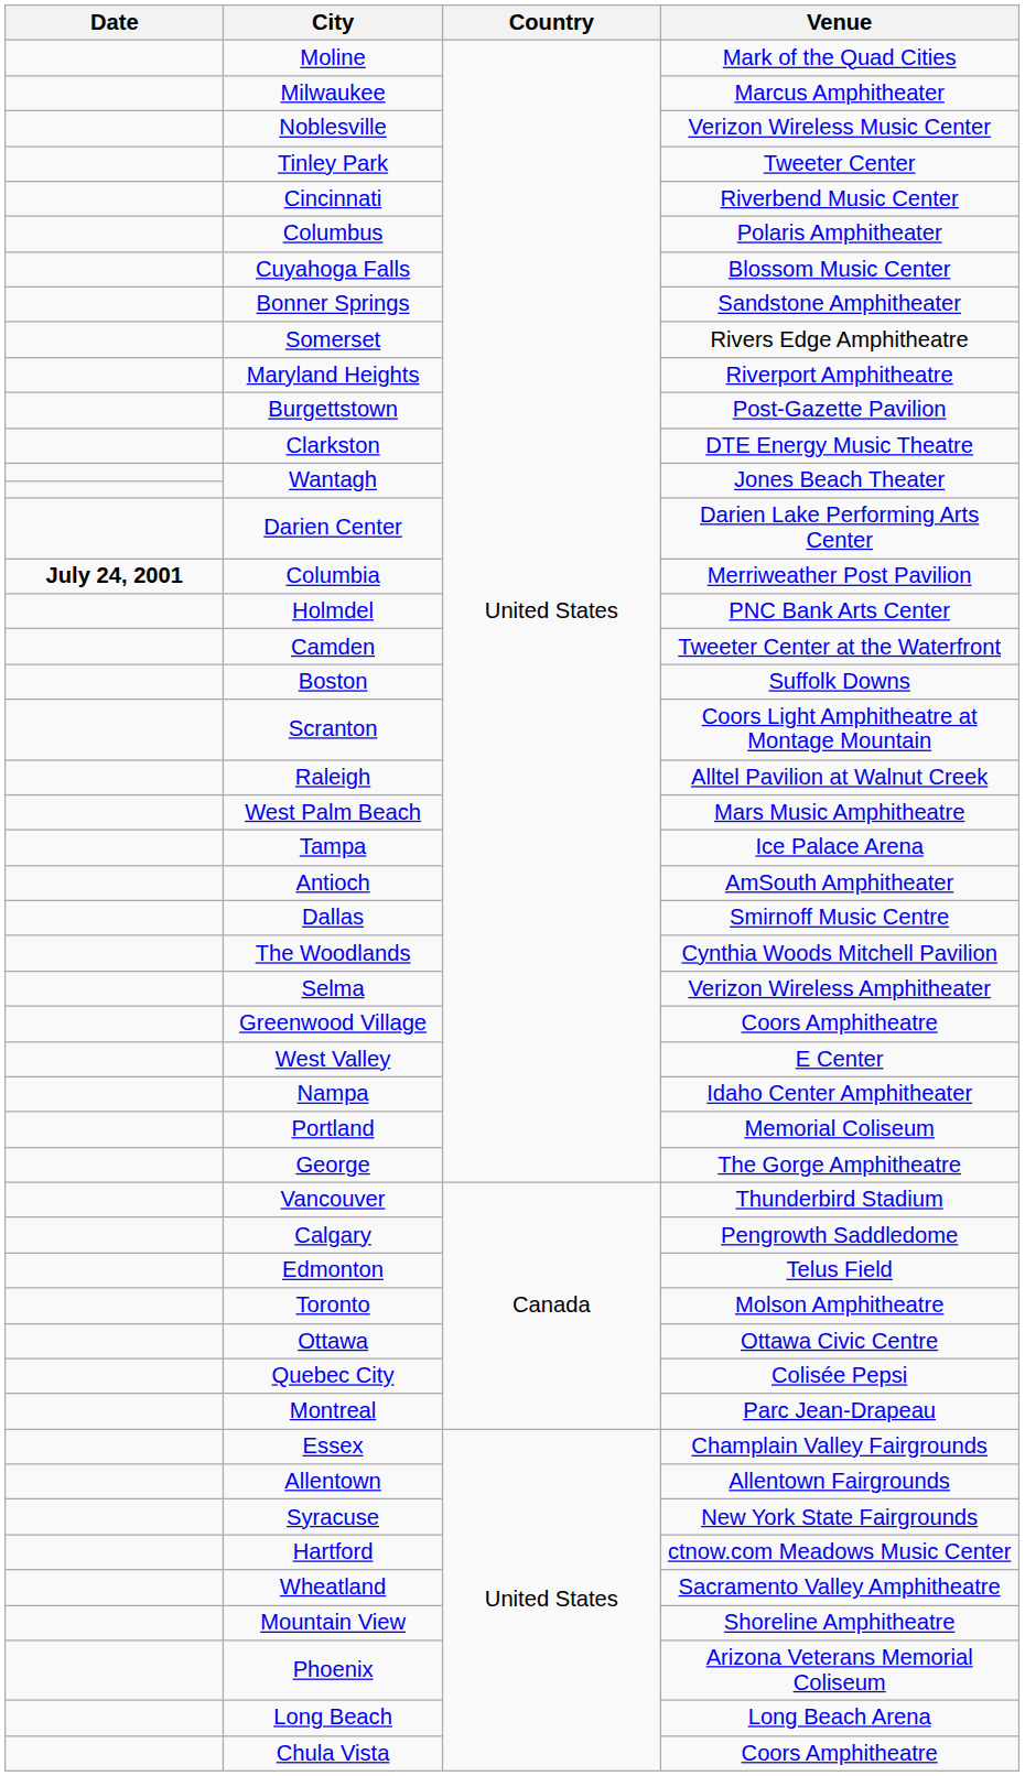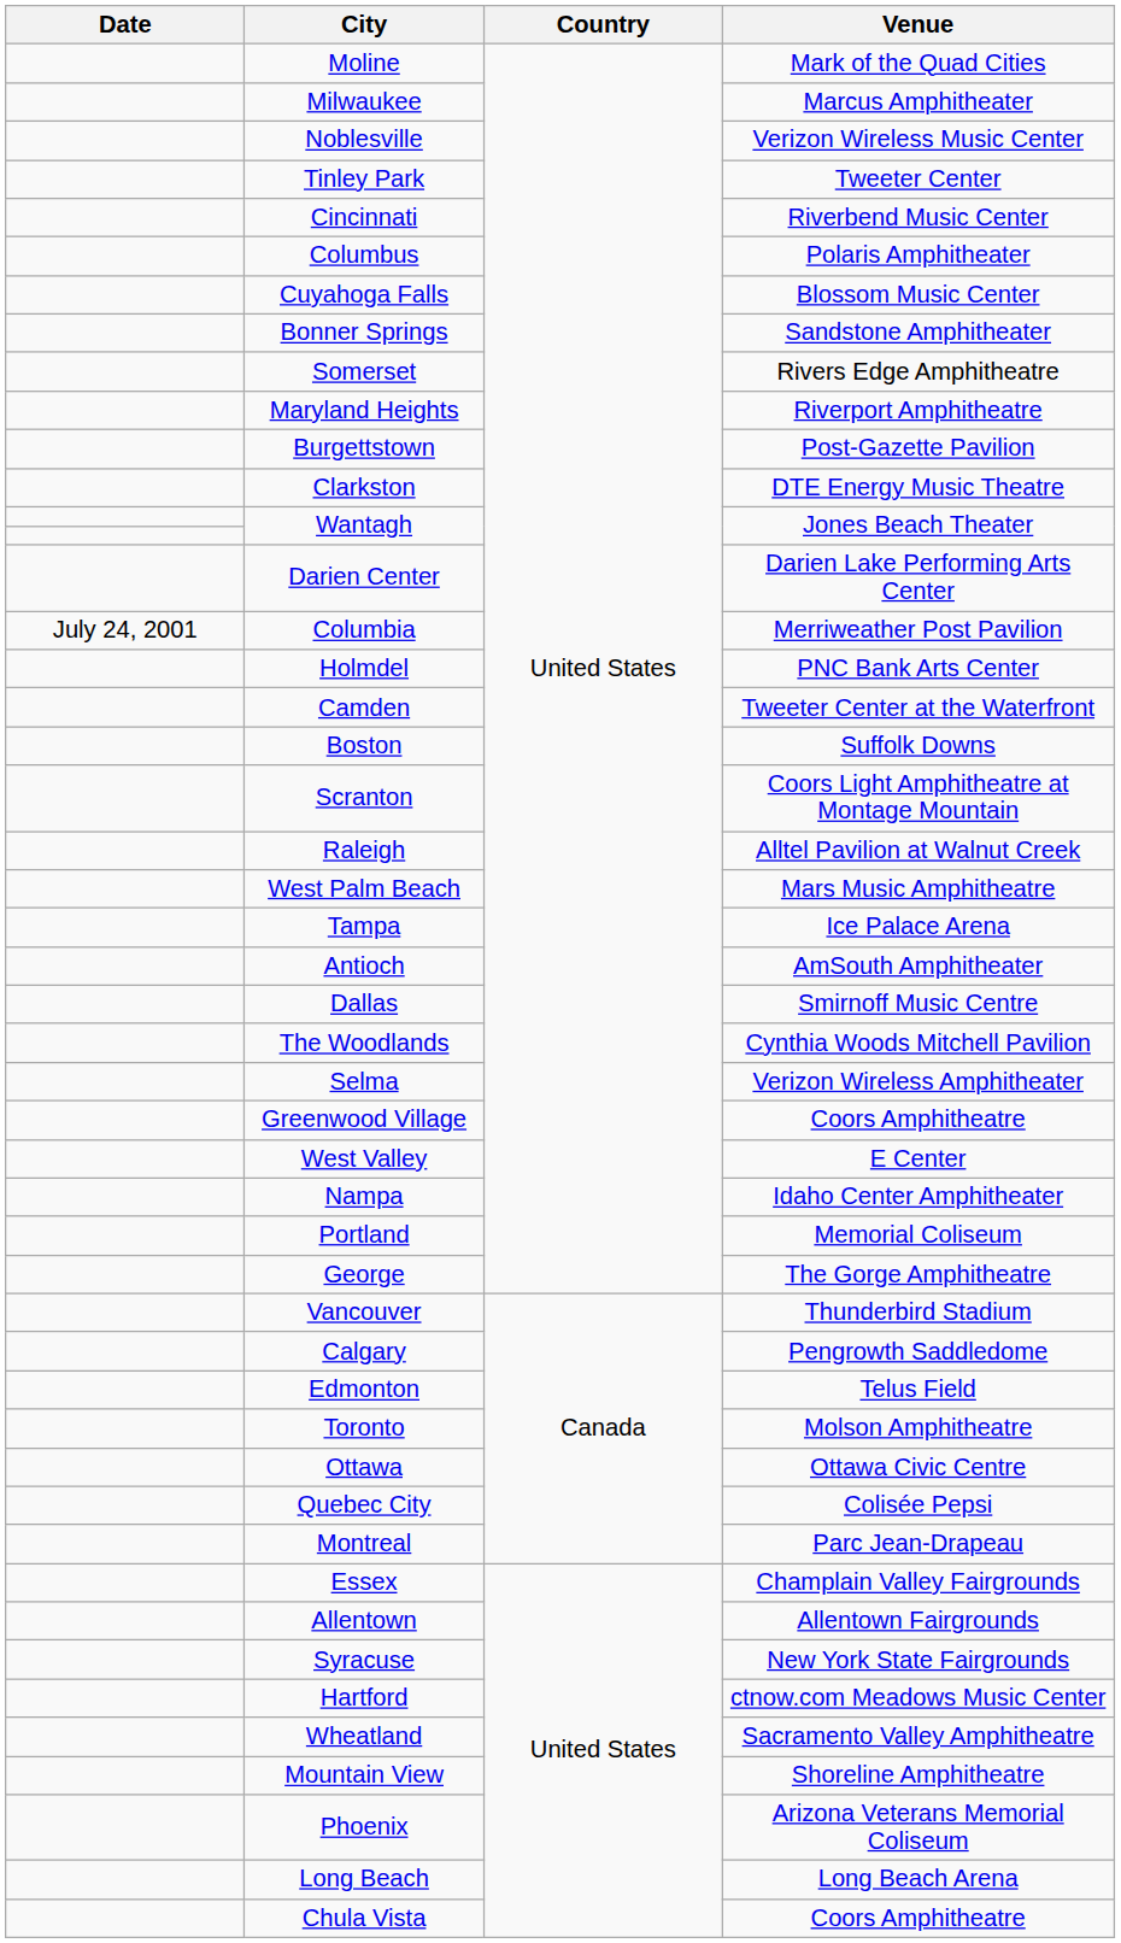 <table class="wikitable" style="text-align:center;">
 <tr>
 <th width="150">Date</th>
 <th width="150">City</th>
 <th width="150">Country</th>
 <th width="250">Venue</th>
 </tr>
 <tr>
 <td></td>
 <td><a href='#'>Moline</a></td>
 <td rowspan="32">United States</td>
 <td><a href='#'>Mark of the Quad Cities</a></td>
 </tr>
 <tr>
 <td></td>
 <td><a href='#'>Milwaukee</a></td>
 <td><a href='#'>Marcus Amphitheater</a></td>
 </tr>
 <tr>
 <td></td>
 <td><a href='#'>Noblesville</a></td>
 <td><a href='#'>Verizon Wireless Music Center</a></td>
 </tr>
 <tr>
 <td></td>
 <td><a href='#'>Tinley Park</a></td>
 <td><a href='#'>Tweeter Center</a></td>
 </tr>
 <tr>
 <td></td>
 <td><a href='#'>Cincinnati</a></td>
 <td><a href='#'>Riverbend Music Center</a></td>
 </tr>
 <tr>
 <td></td>
 <td><a href='#'>Columbus</a></td>
 <td><a href='#'>Polaris Amphitheater</a></td>
 </tr>
 <tr>
 <td></td>
 <td><a href='#'>Cuyahoga Falls</a></td>
 <td><a href='#'>Blossom Music Center</a></td>
 </tr>
 <tr>
 <td></td>
 <td><a href='#'>Bonner Springs</a></td>
 <td><a href='#'>Sandstone Amphitheater</a></td>
 </tr>
 <tr>
 <td></td>
 <td><a href='#'>Somerset</a></td>
 <td>Rivers Edge Amphitheatre</td>
 </tr>
 <tr>
 <td></td>
 <td><a href='#'>Maryland Heights</a></td>
 <td><a href='#'>Riverport Amphitheatre</a></td>
 </tr>
 <tr>
 <td></td>
 <td><a href='#'>Burgettstown</a></td>
 <td><a href='#'>Post-Gazette Pavilion</a></td>
 </tr>
 <tr>
 <td></td>
 <td><a href='#'>Clarkston</a></td>
 <td><a href='#'>DTE Energy Music Theatre</a></td>
 </tr>
 <tr>
 <td></td>
 <td rowspan="2"><a href='#'>Wantagh</a></td>
 <td rowspan="2"><a href='#'>Jones Beach Theater</a></td>
 </tr>
 <tr>
 <td></td>
 </tr>
 <tr>
 <td></td>
 <td><a href='#'>Darien Center</a></td>
 <td><a href='#'>Darien Lake Performing Arts Center</a></td>
 </tr>
 <tr>
-<td><strong>July 24, 2001</strong></td>
+<td>July 24, 2001</td>
 <td><a href='#'>Columbia</a></td>
 <td><a href='#'>Merriweather Post Pavilion</a></td>
 </tr>
 <tr>
 <td></td>
 <td><a href='#'>Holmdel</a></td>
 <td><a href='#'>PNC Bank Arts Center</a></td>
 </tr>
 <tr>
 <td></td>
 <td><a href='#'>Camden</a></td>
 <td><a href='#'>Tweeter Center at the Waterfront</a></td>
 </tr>
 <tr>
 <td></td>
 <td><a href='#'>Boston</a></td>
 <td><a href='#'>Suffolk Downs</a></td>
 </tr>
 <tr>
 <td></td>
 <td><a href='#'>Scranton</a></td>
 <td><a href='#'>Coors Light Amphitheatre at Montage Mountain</a></td>
 </tr>
 <tr>
 <td></td>
 <td><a href='#'>Raleigh</a></td>
 <td><a href='#'>Alltel Pavilion at Walnut Creek</a></td>
 </tr>
 <tr>
 <td></td>
 <td><a href='#'>West Palm Beach</a></td>
 <td><a href='#'>Mars Music Amphitheatre</a></td>
 </tr>
 <tr>
 <td></td>
 <td><a href='#'>Tampa</a></td>
 <td><a href='#'>Ice Palace Arena</a></td>
 </tr>
 <tr>
 <td></td>
 <td><a href='#'>Antioch</a></td>
 <td><a href='#'>AmSouth Amphitheater</a></td>
 </tr>
 <tr>
 <td></td>
 <td><a href='#'>Dallas</a></td>
 <td><a href='#'>Smirnoff Music Centre</a></td>
 </tr>
 <tr>
 <td></td>
 <td><a href='#'>The Woodlands</a></td>
 <td><a href='#'>Cynthia Woods Mitchell Pavilion</a></td>
 </tr>
 <tr>
 <td></td>
 <td><a href='#'>Selma</a></td>
 <td><a href='#'>Verizon Wireless Amphitheater</a></td>
 </tr>
 <tr>
 <td></td>
 <td><a href='#'>Greenwood Village</a></td>
 <td><a href='#'>Coors Amphitheatre</a></td>
 </tr>
 <tr>
 <td></td>
 <td><a href='#'>West Valley</a></td>
 <td><a href='#'>E Center</a></td>
 </tr>
 <tr>
 <td></td>
 <td><a href='#'>Nampa</a></td>
 <td><a href='#'>Idaho Center Amphitheater</a></td>
 </tr>
 <tr>
 <td></td>
 <td><a href='#'>Portland</a></td>
 <td><a href='#'>Memorial Coliseum</a></td>
 </tr>
 <tr>
 <td></td>
 <td><a href='#'>George</a></td>
 <td><a href='#'>The Gorge Amphitheatre</a></td>
 </tr>
 <tr>
 <td></td>
 <td><a href='#'>Vancouver</a></td>
 <td rowspan="7">Canada</td>
 <td><a href='#'>Thunderbird Stadium</a></td>
 </tr>
 <tr>
 <td></td>
 <td><a href='#'>Calgary</a></td>
 <td><a href='#'>Pengrowth Saddledome</a></td>
 </tr>
 <tr>
 <td></td>
 <td><a href='#'>Edmonton</a></td>
 <td><a href='#'>Telus Field</a></td>
 </tr>
 <tr>
 <td></td>
 <td><a href='#'>Toronto</a></td>
 <td><a href='#'>Molson Amphitheatre</a></td>
 </tr>
 <tr>
 <td></td>
 <td><a href='#'>Ottawa</a></td>
 <td><a href='#'>Ottawa Civic Centre</a></td>
 </tr>
 <tr>
 <td></td>
 <td><a href='#'>Quebec City</a></td>
 <td><a href='#'>Colisée Pepsi</a></td>
 </tr>
 <tr>
 <td></td>
 <td><a href='#'>Montreal</a></td>
 <td><a href='#'>Parc Jean-Drapeau</a></td>
 </tr>
 <tr>
 <td></td>
 <td><a href='#'>Essex</a></td>
 <td rowspan="9">United States</td>
 <td><a href='#'>Champlain Valley Fairgrounds</a></td>
 </tr>
 <tr>
 <td></td>
 <td><a href='#'>Allentown</a></td>
 <td><a href='#'>Allentown Fairgrounds</a></td>
 </tr>
 <tr>
 <td></td>
 <td><a href='#'>Syracuse</a></td>
 <td><a href='#'>New York State Fairgrounds</a></td>
 </tr>
 <tr>
 <td></td>
 <td><a href='#'>Hartford</a></td>
 <td><a href='#'>ctnow.com Meadows Music Center</a></td>
 </tr>
 <tr>
 <td></td>
 <td><a href='#'>Wheatland</a></td>
 <td><a href='#'>Sacramento Valley Amphitheatre</a></td>
 </tr>
 <tr>
 <td></td>
 <td><a href='#'>Mountain View</a></td>
 <td><a href='#'>Shoreline Amphitheatre</a></td>
 </tr>
 <tr>
 <td></td>
 <td><a href='#'>Phoenix</a></td>
 <td><a href='#'>Arizona Veterans Memorial Coliseum</a></td>
 </tr>
 <tr>
 <td></td>
 <td><a href='#'>Long Beach</a></td>
 <td><a href='#'>Long Beach Arena</a></td>
 </tr>
 <tr>
 <td></td>
 <td><a href='#'>Chula Vista</a></td>
 <td><a href='#'>Coors Amphitheatre</a></td>
 </tr>
 </table>
